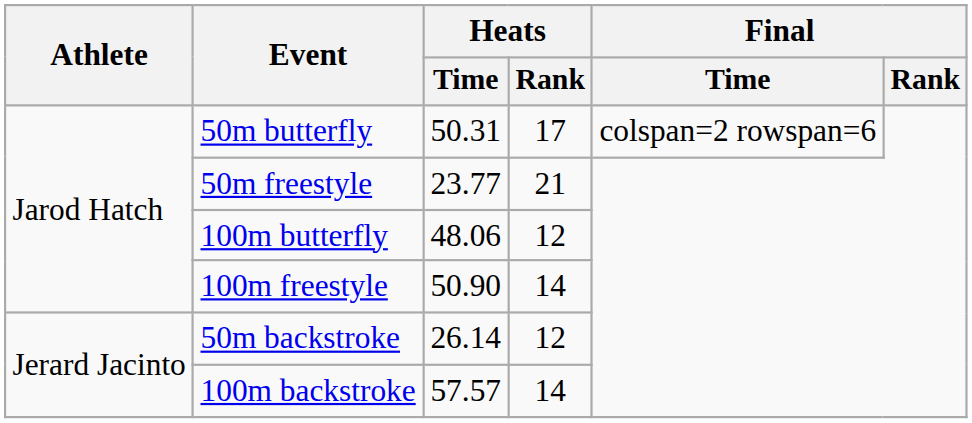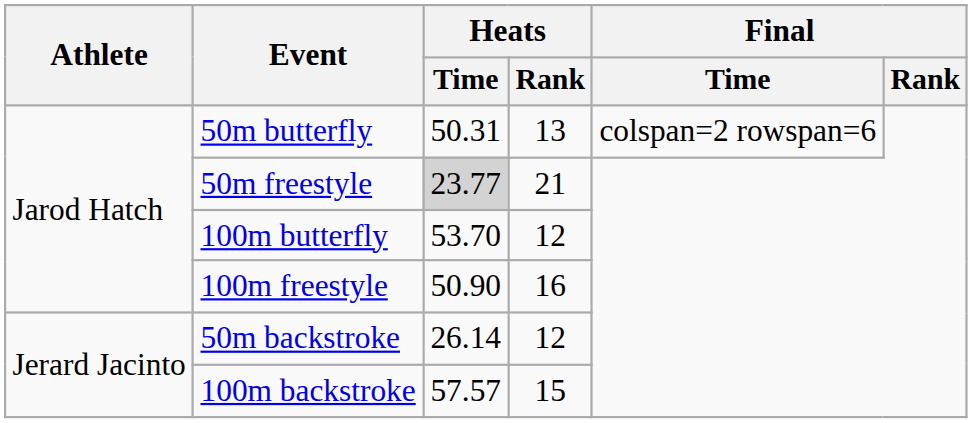 <table class="wikitable" style="font-size:90%">
 <tr>
 <th rowspan=2>Athlete</th>
 <th rowspan=2>Event</th>
 <th colspan=2>Heats</th>
 <th colspan=2>Final</th>
 </tr>
 <tr style="font-size:95%">
 <th>Time</th>
 <th>Rank</th>
 <th>Time</th>
 <th>Rank</th>
 </tr>
 <tr align=center>
 <td rowspan=4 align=left>Jarod Hatch</td>
 <td align=left><a href='#'>50m butterfly</a></td>
 <td>50.31</td>
-<td>17</td>
+<td>13</td>
 <td>colspan=2 rowspan=6 </td>
 </tr>
 <tr align=center>
 <td align=left><a href='#'>50m freestyle</a></td>
-<td>23.77</td>
+<td style="background: lightgrey;">23.77</td>
 <td>21</td>
 </tr>
 <tr align=center>
 <td align=left><a href='#'>100m butterfly</a></td>
-<td>48.06</td>
+<td>53.70</td>
 <td>12</td>
 </tr>
 <tr align=center>
 <td align=left><a href='#'>100m freestyle</a></td>
 <td>50.90</td>
-<td>14</td>
+<td>16</td>
 </tr>
 <tr align=center>
 <td rowspan=2 align=left>Jerard Jacinto</td>
 <td align=left><a href='#'>50m backstroke</a></td>
 <td>26.14</td>
 <td>12</td>
 </tr>
 <tr align=center>
 <td align=left><a href='#'>100m backstroke</a></td>
 <td>57.57</td>
-<td>14</td>
+<td>15</td>
 </tr>
 </table>
